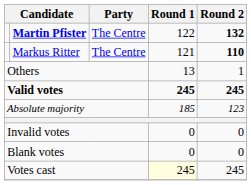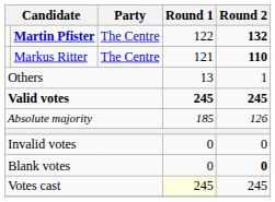 <table class="wikitable" style="text-align:right;">
 <tr>
 <th colspan=2>Candidate</th>
 <th>Party</th>
 <th>Round 1</th>
 <th>Round 2</th>
 </tr>
 <tr>
 <td style="background-color:"></td>
 <td style="text-align:left;"><strong><a href='#'>Martin Pfister</a></strong></td>
 <td style="text-align:left;"><a href='#'>The Centre</a></td>
 <td>122</td>
 <td><strong>132</strong></td>
 </tr>
 <tr>
 <td style="background-color:"></td>
 <td style="text-align:left;"><a href='#'>Markus Ritter</a></td>
 <td style="text-align:left;"><a href='#'>The Centre</a></td>
 <td>121</td>
 <td><strong>110</strong></td>
 </tr>
 <tr>
 <td colspan=3 style="text-align:left;">Others</td>
 <td>13</td>
 <td>1</td>
 </tr>
 <tr style="font-weight:bold;">
 <td colspan=3 style="text-align:left;">Valid votes</td>
 <td>245</td>
 <td>245</td>
 </tr>
 <tr style="font-style:italic; font-size:90%;">
 <td colspan=3 style="text-align:left;">Absolute majority</td>
 <td>185</td>
-<td>123</td>
+<td>126</td>
 </tr>
 <tr>
 <th colspan=10></th>
 </tr>
 <tr>
 <td colspan=3 style="text-align:left;">Invalid votes</td>
 <td>0</td>
 <td>0</td>
 </tr>
 <tr>
 <td colspan=3 style="text-align:left;">Blank votes</td>
 <td>0</td>
-<td>0</td>
+<td><strong>0</strong></td>
 </tr>
 <tr>
 <td colspan=3 style="text-align:left;">Votes cast</td>
 <td style="background: lightyellow;">245</td>
 <td>245</td>
 </tr>
 <tr>
 </tr>
 </table>
